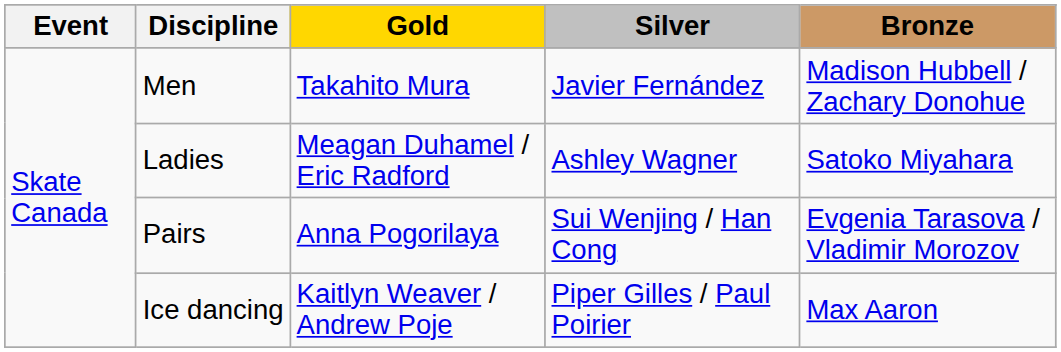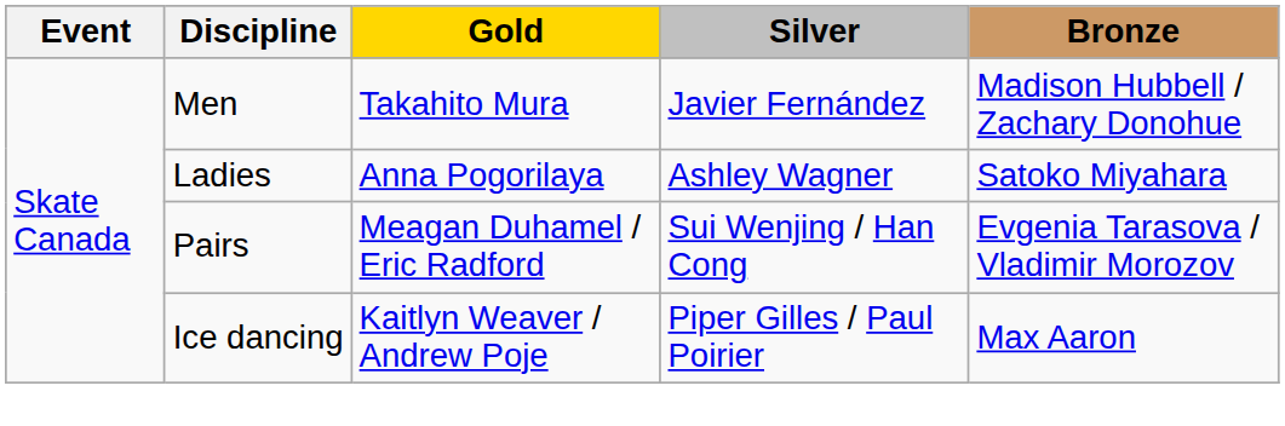 <table class="wikitable" style="width:98%;">
 <tr>
 <th style="width:10%;">Event</th>
 <th style="width:5%;">Discipline</th>
 <td style="text-align:center; width:20%; background:gold;"><strong>Gold</strong></td>
 <td style="text-align:center; width:20%; background:silver;"><strong>Silver</strong></td>
 <td style="text-align:center; width:20%; background:#c96;"><strong>Bronze</strong></td>
 </tr>
 <tr>
 <td rowspan=4><a href='#'>Skate Canada</a></td>
 <td>Men</td>
 <td> <a href='#'>Takahito Mura</a></td>
 <td> <a href='#'>Javier Fernández</a></td>
 <td> <a href='#'>Madison Hubbell</a> / <a href='#'>Zachary Donohue</a></td>
 </tr>
 <tr>
 <td>Ladies</td>
-<td> <a href='#'>Meagan Duhamel</a> / <a href='#'>Eric Radford</a></td>
+<td> <a href='#'>Anna Pogorilaya</a></td>
 <td> <a href='#'>Ashley Wagner</a></td>
 <td> <a href='#'>Satoko Miyahara</a></td>
 </tr>
 <tr>
 <td>Pairs</td>
-<td> <a href='#'>Anna Pogorilaya</a></td>
+<td> <a href='#'>Meagan Duhamel</a> / <a href='#'>Eric Radford</a></td>
 <td> <a href='#'>Sui Wenjing</a> / <a href='#'>Han Cong</a></td>
 <td> <a href='#'>Evgenia Tarasova</a> / <a href='#'>Vladimir Morozov</a></td>
 </tr>
 <tr>
 <td>Ice dancing</td>
 <td> <a href='#'>Kaitlyn Weaver</a> / <a href='#'>Andrew Poje</a></td>
 <td> <a href='#'>Piper Gilles</a> / <a href='#'>Paul Poirier</a></td>
 <td> <a href='#'>Max Aaron</a></td>
 </tr>
 </table>
